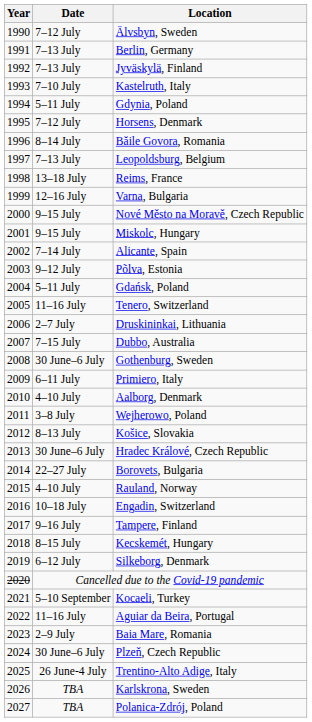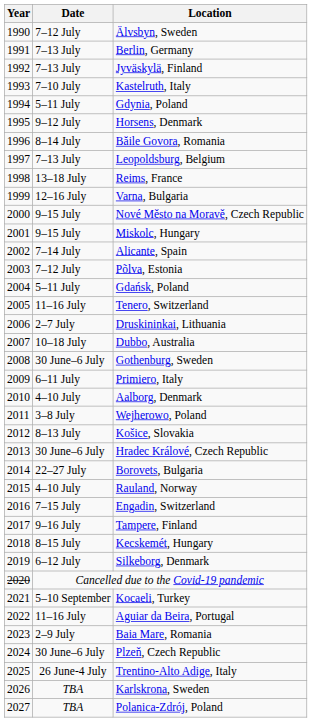 <table class="wikitable">
 <tr>
 <th>Year</th>
 <th>Date</th>
 <th>Location</th>
 </tr>
 <tr>
 <td>1990</td>
 <td>7–12 July</td>
 <td> <a href='#'>Älvsbyn</a>, Sweden</td>
 </tr>
 <tr>
 <td>1991</td>
 <td>7–13 July</td>
 <td> <a href='#'>Berlin</a>, Germany</td>
 </tr>
 <tr>
 <td>1992</td>
 <td>7–13 July</td>
 <td> <a href='#'>Jyväskylä</a>, Finland</td>
 </tr>
 <tr>
 <td>1993</td>
 <td>7–10 July</td>
 <td> <a href='#'>Kastelruth</a>, Italy</td>
 </tr>
 <tr>
 <td>1994</td>
 <td>5–11 July</td>
 <td> <a href='#'>Gdynia</a>, Poland</td>
 </tr>
 <tr>
 <td>1995</td>
-<td>7–12 July</td>
+<td>9–12 July</td>
 <td> <a href='#'>Horsens</a>, Denmark</td>
 </tr>
 <tr>
 <td>1996</td>
 <td>8–14 July</td>
 <td> <a href='#'>Băile Govora</a>, Romania</td>
 </tr>
 <tr>
 <td>1997</td>
 <td>7–13 July</td>
 <td> <a href='#'>Leopoldsburg</a>, Belgium</td>
 </tr>
 <tr>
 <td>1998</td>
 <td>13–18 July</td>
 <td> <a href='#'>Reims</a>, France</td>
 </tr>
 <tr>
 <td>1999</td>
 <td>12–16 July</td>
 <td> <a href='#'>Varna</a>, Bulgaria</td>
 </tr>
 <tr>
 <td>2000</td>
 <td>9–15 July</td>
 <td> <a href='#'>Nové Město na Moravě</a>, Czech Republic</td>
 </tr>
 <tr>
 <td>2001</td>
 <td>9–15 July</td>
 <td> <a href='#'>Miskolc</a>, Hungary</td>
 </tr>
 <tr>
 <td>2002</td>
 <td>7–14 July</td>
 <td> <a href='#'>Alicante</a>, Spain</td>
 </tr>
 <tr>
 <td>2003</td>
-<td>9–12 July</td>
+<td>7–12 July</td>
 <td> <a href='#'>Põlva</a>, Estonia</td>
 </tr>
 <tr>
 <td>2004</td>
 <td>5–11 July</td>
 <td> <a href='#'>Gdańsk</a>, Poland</td>
 </tr>
 <tr>
 <td>2005</td>
 <td>11–16 July</td>
 <td> <a href='#'>Tenero</a>, Switzerland</td>
 </tr>
 <tr>
 <td>2006</td>
 <td>2–7 July</td>
 <td> <a href='#'>Druskininkai</a>, Lithuania</td>
 </tr>
 <tr>
 <td>2007</td>
-<td>7–15 July</td>
+<td>10–18 July</td>
 <td> <a href='#'>Dubbo</a>, Australia</td>
 </tr>
 <tr>
 <td>2008</td>
 <td>30 June–6 July</td>
 <td> <a href='#'>Gothenburg</a>, Sweden</td>
 </tr>
 <tr>
 <td>2009</td>
 <td>6–11 July</td>
 <td> <a href='#'>Primiero</a>, Italy</td>
 </tr>
 <tr>
 <td>2010</td>
 <td>4–10 July</td>
 <td> <a href='#'>Aalborg</a>, Denmark</td>
 </tr>
 <tr>
 <td>2011</td>
 <td>3–8 July</td>
 <td> <a href='#'>Wejherowo</a>, Poland</td>
 </tr>
 <tr>
 <td>2012</td>
 <td>8–13 July</td>
 <td> <a href='#'>Košice</a>, Slovakia</td>
 </tr>
 <tr>
 <td>2013</td>
 <td>30 June–6 July</td>
 <td> <a href='#'>Hradec Králové</a>, Czech Republic</td>
 </tr>
 <tr>
 <td>2014</td>
 <td>22–27 July</td>
 <td> <a href='#'>Borovets</a>, Bulgaria</td>
 </tr>
 <tr>
 <td>2015</td>
 <td>4–10 July</td>
 <td> <a href='#'>Rauland</a>, Norway</td>
 </tr>
 <tr>
 <td>2016</td>
-<td>10–18 July</td>
+<td>7–15 July</td>
 <td> <a href='#'>Engadin</a>, Switzerland</td>
 </tr>
 <tr>
 <td>2017</td>
 <td>9–16 July</td>
 <td> <a href='#'>Tampere</a>, Finland</td>
 </tr>
 <tr>
 <td>2018</td>
 <td>8–15 July</td>
 <td> <a href='#'>Kecskemét</a>, Hungary</td>
 </tr>
 <tr>
 <td>2019</td>
 <td>6–12 July</td>
 <td> <a href='#'>Silkeborg</a>, Denmark</td>
 </tr>
 <tr>
 <td><s>2020</s></td>
 <td colspan="2" style="text-align:center"><em>Cancelled due to the <a href='#'>Covid-19 pandemic</a></em></td>
 </tr>
 <tr>
 <td>2021</td>
 <td>5–10 September</td>
 <td> <a href='#'>Kocaeli</a>, Turkey</td>
 </tr>
 <tr>
 <td>2022</td>
 <td>11–16 July</td>
 <td> <a href='#'>Aguiar da Beira</a>, Portugal</td>
 </tr>
 <tr>
 <td>2023</td>
 <td>2–9 July</td>
 <td> <a href='#'>Baia Mare</a>, Romania </td>
 </tr>
 <tr>
 <td>2024</td>
 <td>30 June–6 July</td>
 <td> <a href='#'>Plzeň</a>, Czech Republic</td>
 </tr>
 <tr>
 <td>2025</td>
 <td style="text-align:center">26 June-4 July</td>
 <td> <a href='#'>Trentino-Alto Adige</a>, Italy</td>
 </tr>
 <tr>
 <td>2026</td>
 <td style="text-align:center"><em>TBA</em></td>
 <td> <a href='#'>Karlskrona</a>, Sweden</td>
 </tr>
 <tr>
 <td>2027</td>
 <td style="text-align:center"><em>TBA</em></td>
 <td> <a href='#'>Polanica-Zdrój</a>, Poland</td>
 </tr>
 </table>
